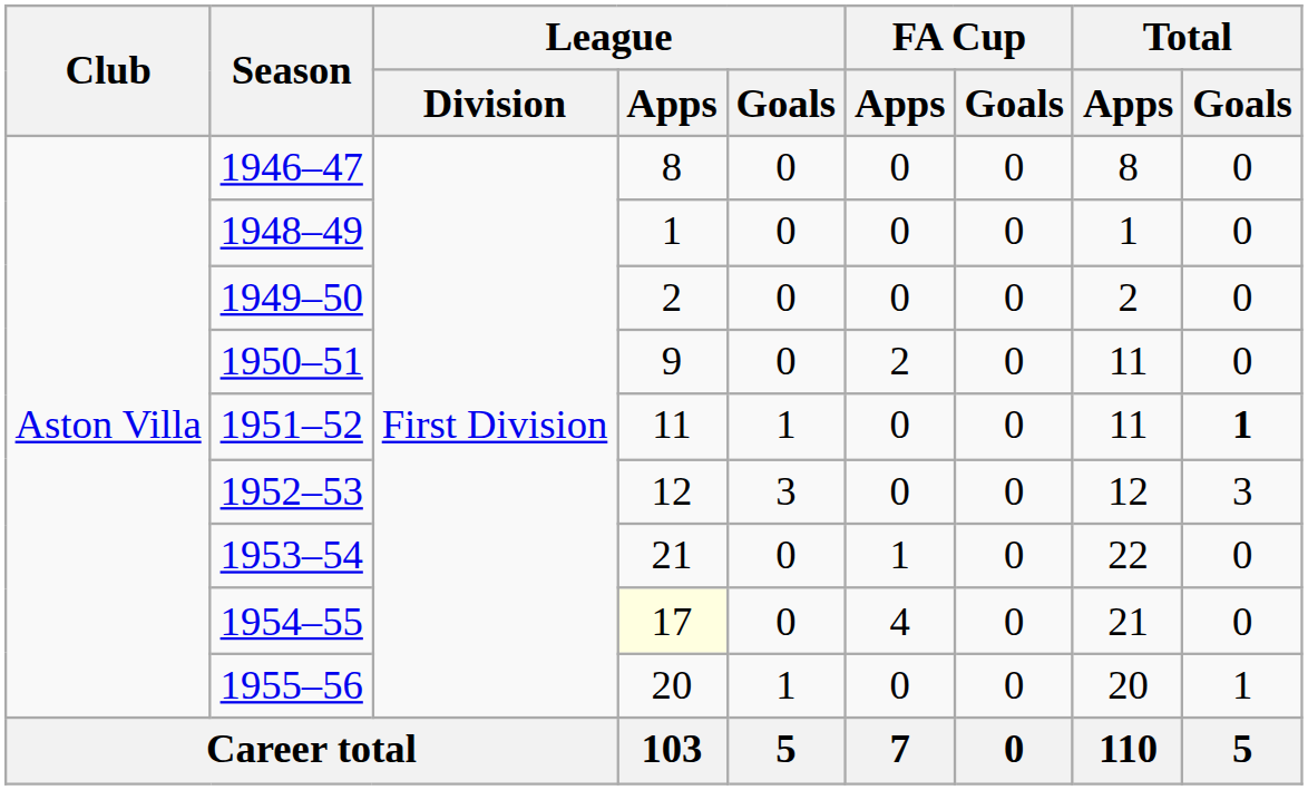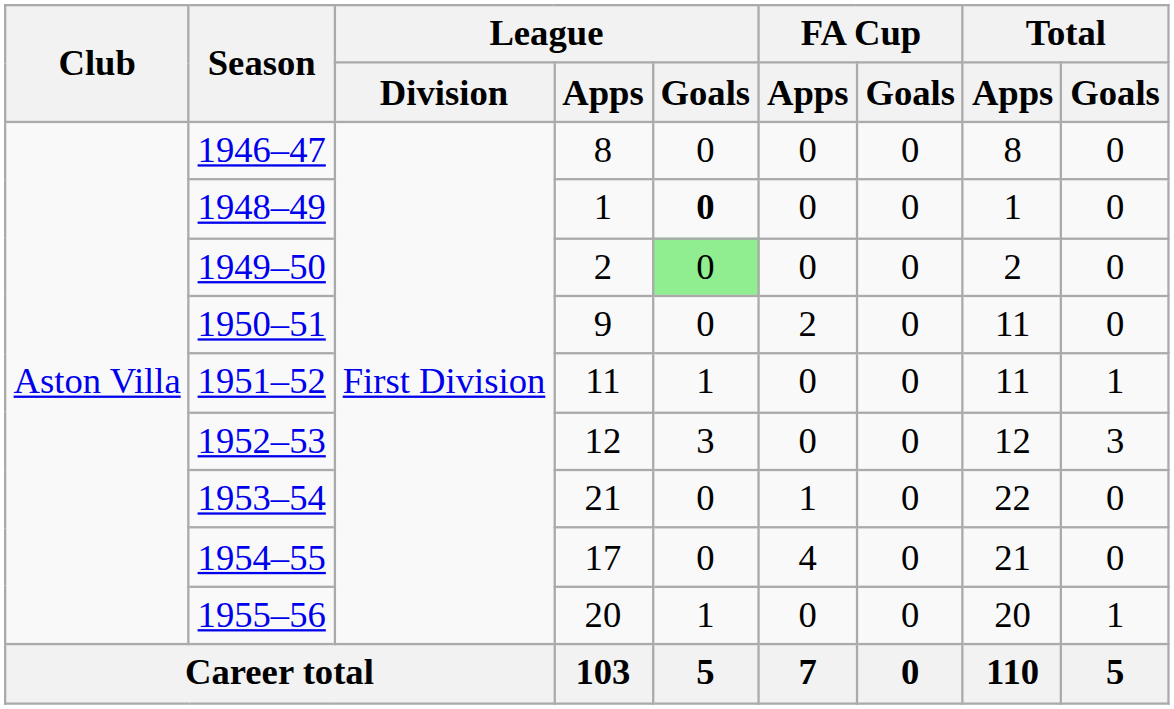 <table class="wikitable" style="text-align:center">
 <tr>
 <th rowspan="2">Club</th>
 <th rowspan="2">Season</th>
 <th colspan="3">League</th>
 <th colspan="2">FA Cup</th>
 <th colspan="2">Total</th>
 </tr>
 <tr>
 <th>Division</th>
 <th>Apps</th>
 <th>Goals</th>
 <th>Apps</th>
 <th>Goals</th>
 <th>Apps</th>
 <th>Goals</th>
 </tr>
 <tr>
 <td rowspan="9"><a href='#'>Aston Villa</a></td>
 <td><a href='#'>1946–47</a></td>
 <td rowspan="9"><a href='#'>First Division</a></td>
 <td>8</td>
 <td>0</td>
 <td>0</td>
 <td>0</td>
 <td>8</td>
 <td>0</td>
 </tr>
 <tr>
 <td><a href='#'>1948–49</a></td>
 <td>1</td>
-<td>0</td>
+<td><strong>0</strong></td>
 <td>0</td>
 <td>0</td>
 <td>1</td>
 <td>0</td>
 </tr>
 <tr>
 <td><a href='#'>1949–50</a></td>
 <td>2</td>
-<td>0</td>
+<td style="background: lightgreen;">0</td>
 <td>0</td>
 <td>0</td>
 <td>2</td>
 <td>0</td>
 </tr>
 <tr>
 <td><a href='#'>1950–51</a></td>
 <td>9</td>
 <td>0</td>
 <td>2</td>
 <td>0</td>
 <td>11</td>
 <td>0</td>
 </tr>
 <tr>
 <td><a href='#'>1951–52</a></td>
 <td>11</td>
 <td>1</td>
 <td>0</td>
 <td>0</td>
 <td>11</td>
-<td><strong>1</strong></td>
+<td>1</td>
 </tr>
 <tr>
 <td><a href='#'>1952–53</a></td>
 <td>12</td>
 <td>3</td>
 <td>0</td>
 <td>0</td>
 <td>12</td>
 <td>3</td>
 </tr>
 <tr>
 <td><a href='#'>1953–54</a></td>
 <td>21</td>
 <td>0</td>
 <td>1</td>
 <td>0</td>
 <td>22</td>
 <td>0</td>
 </tr>
 <tr>
 <td><a href='#'>1954–55</a></td>
-<td style="background: lightyellow;">17</td>
+<td>17</td>
 <td>0</td>
 <td>4</td>
 <td>0</td>
 <td>21</td>
 <td>0</td>
 </tr>
 <tr>
 <td><a href='#'>1955–56</a></td>
 <td>20</td>
 <td>1</td>
 <td>0</td>
 <td>0</td>
 <td>20</td>
 <td>1</td>
 </tr>
 <tr>
 <th colspan="3">Career total</th>
 <th>103</th>
 <th>5</th>
 <th>7</th>
 <th>0</th>
 <th>110</th>
 <th>5</th>
 </tr>
 </table>
